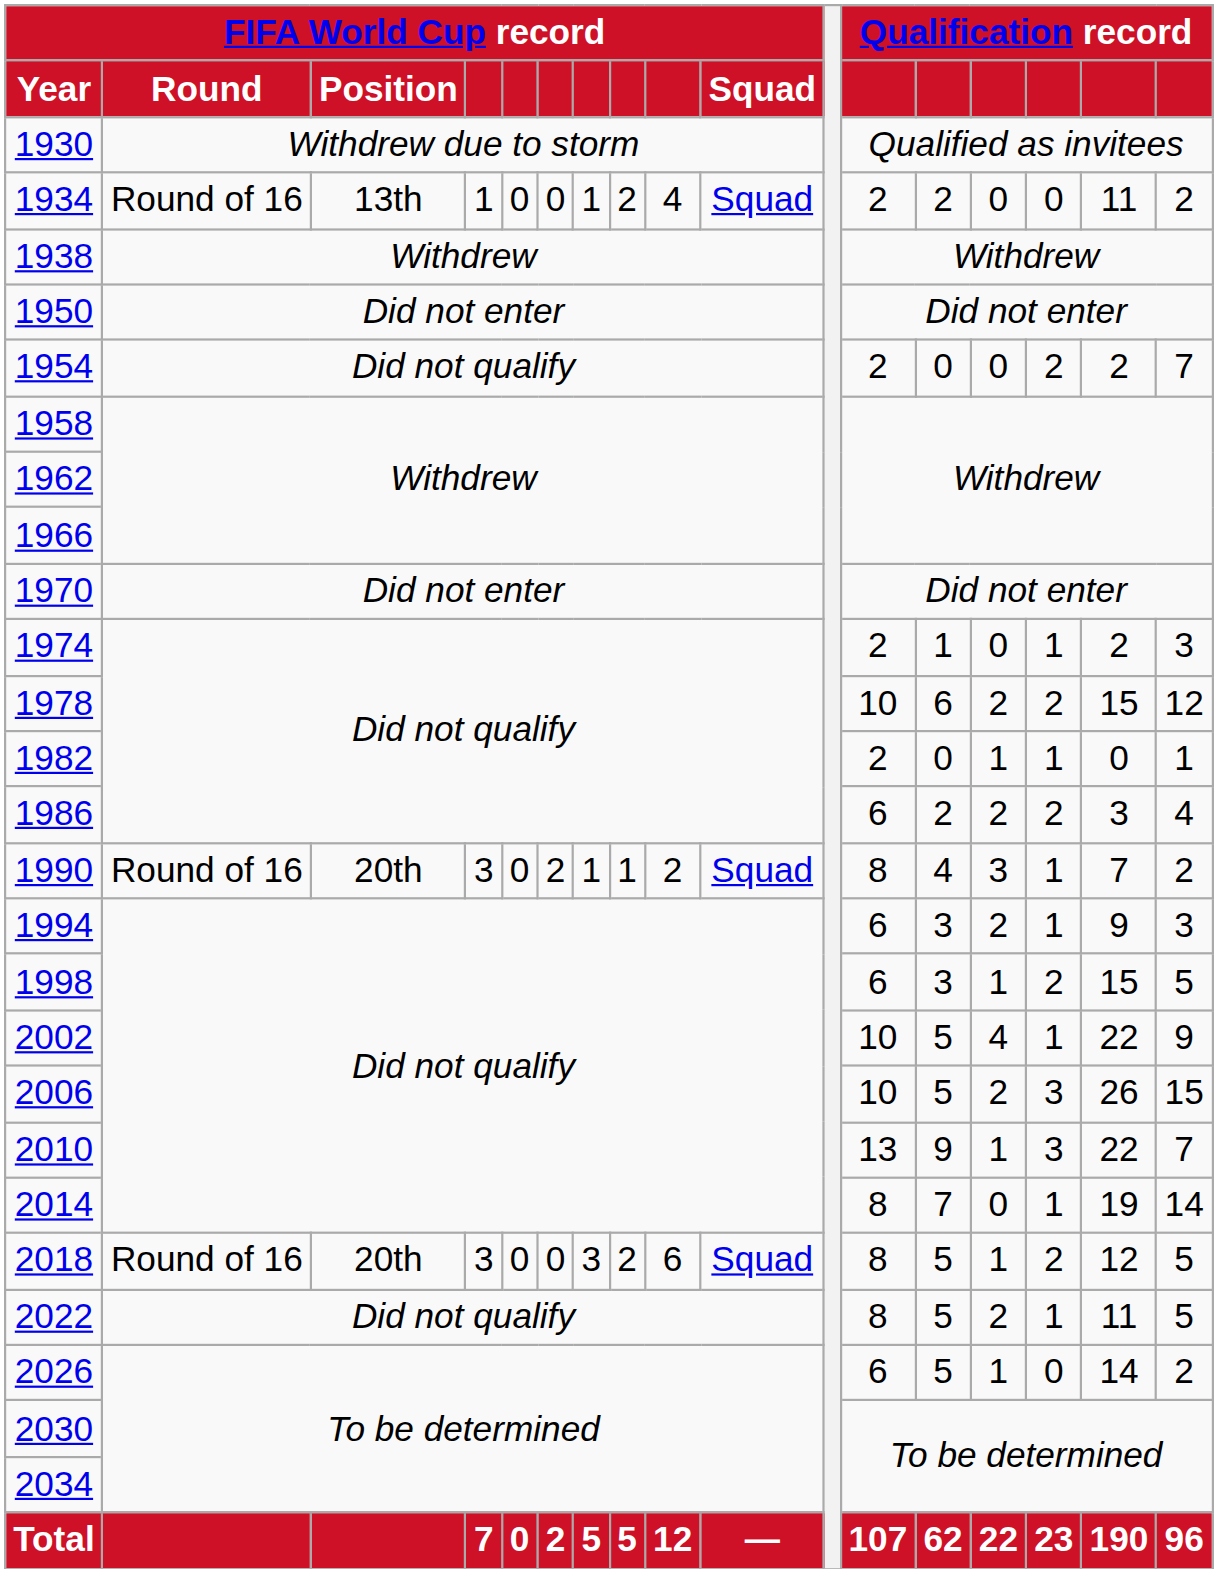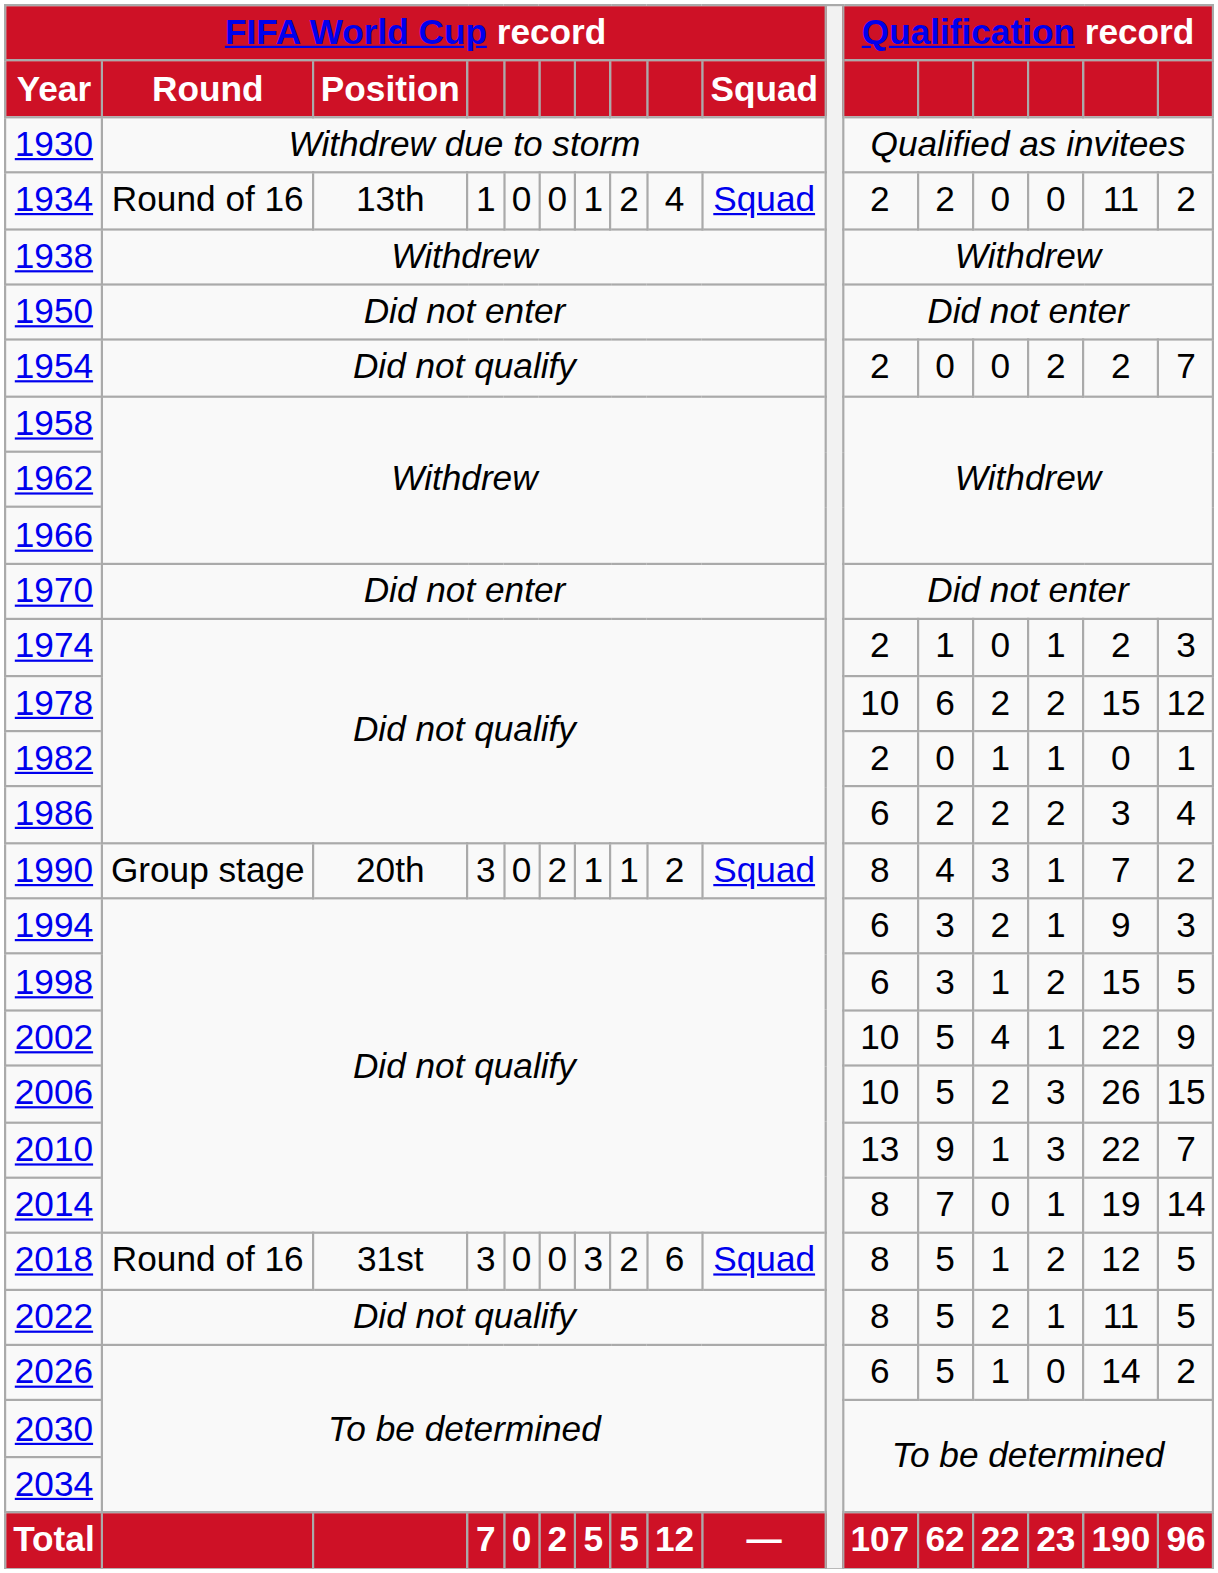 <table class="wikitable" style="text-align:center">
 <tr>
 <th colspan="10" style="background:#CE1126; color:#FFFFFF; "><a href='#'><span>FIFA World Cup</span></a> record</th>
 <th rowspan="28"></th>
 <th colspan="6" style="background:#CE1126; color:#FFFFFF; "><a href='#'><span>Qualification</span></a> record</th>
 </tr>
 <tr>
 <th style="background:#CE1126; color:#FFFFFF; ">Year</th>
 <th style="background:#CE1126; color:#FFFFFF; ">Round</th>
 <th style="background:#CE1126; color:#FFFFFF; ">Position</th>
 <th style="background:#CE1126; color:#FFFFFF; "></th>
 <th style="background:#CE1126; color:#FFFFFF; "></th>
 <th style="background:#CE1126; color:#FFFFFF; "></th>
 <th style="background:#CE1126; color:#FFFFFF; "></th>
 <th style="background:#CE1126; color:#FFFFFF; "></th>
 <th style="background:#CE1126; color:#FFFFFF; "></th>
 <th style="background:#CE1126; color:#FFFFFF; ">Squad</th>
 <th style="background:#CE1126; color:#FFFFFF; "></th>
 <th style="background:#CE1126; color:#FFFFFF; "></th>
 <th style="background:#CE1126; color:#FFFFFF; "></th>
 <th style="background:#CE1126; color:#FFFFFF; "></th>
 <th style="background:#CE1126; color:#FFFFFF; "></th>
 <th style="background:#CE1126; color:#FFFFFF; "></th>
 </tr>
 <tr>
 <td> <a href='#'>1930</a></td>
 <td colspan="9"><em>Withdrew due to storm</em></td>
 <td colspan="6"><em>Qualified as invitees</em></td>
 </tr>
 <tr>
 <td> <a href='#'>1934</a></td>
 <td>Round of 16</td>
 <td>13th</td>
 <td>1</td>
 <td>0</td>
 <td>0</td>
 <td>1</td>
 <td>2</td>
 <td>4</td>
 <td><a href='#'>Squad</a></td>
 <td>2</td>
 <td>2</td>
 <td>0</td>
 <td>0</td>
 <td>11</td>
 <td>2</td>
 </tr>
 <tr>
 <td> <a href='#'>1938</a></td>
 <td colspan="9"><em>Withdrew</em></td>
 <td colspan="6"><em>Withdrew</em></td>
 </tr>
 <tr>
 <td> <a href='#'>1950</a></td>
 <td colspan="9"><em>Did not enter</em></td>
 <td colspan="6"><em>Did not enter</em></td>
 </tr>
 <tr>
 <td> <a href='#'>1954</a></td>
 <td colspan="9"><em>Did not qualify</em></td>
 <td>2</td>
 <td>0</td>
 <td>0</td>
 <td>2</td>
 <td>2</td>
 <td>7</td>
 </tr>
 <tr>
 <td> <a href='#'>1958</a></td>
 <td rowspan="3" colspan="9"><em>Withdrew</em></td>
 <td rowspan="3" colspan="6"><em>Withdrew</em></td>
 </tr>
 <tr>
 <td> <a href='#'>1962</a></td>
 </tr>
 <tr>
 <td> <a href='#'>1966</a></td>
 </tr>
 <tr>
 <td> <a href='#'>1970</a></td>
 <td colspan="9"><em>Did not enter</em></td>
 <td colspan="6"><em>Did not enter</em></td>
 </tr>
 <tr>
 <td> <a href='#'>1974</a></td>
 <td rowspan="4" colspan="9"><em>Did not qualify</em></td>
 <td>2</td>
 <td>1</td>
 <td>0</td>
 <td>1</td>
 <td>2</td>
 <td>3</td>
 </tr>
 <tr>
 <td> <a href='#'>1978</a></td>
 <td>10</td>
 <td>6</td>
 <td>2</td>
 <td>2</td>
 <td>15</td>
 <td>12</td>
 </tr>
 <tr>
 <td> <a href='#'>1982</a></td>
 <td>2</td>
 <td>0</td>
 <td>1</td>
 <td>1</td>
 <td>0</td>
 <td>1</td>
 </tr>
 <tr>
 <td> <a href='#'>1986</a></td>
 <td>6</td>
 <td>2</td>
 <td>2</td>
 <td>2</td>
 <td>3</td>
 <td>4</td>
 </tr>
 <tr>
 <td> <a href='#'>1990</a></td>
-<td>Round of 16</td>
+<td>Group stage</td>
 <td>20th</td>
 <td>3</td>
 <td>0</td>
 <td>2</td>
 <td>1</td>
 <td>1</td>
 <td>2</td>
 <td><a href='#'>Squad</a></td>
 <td>8</td>
 <td>4</td>
 <td>3</td>
 <td>1</td>
 <td>7</td>
 <td>2</td>
 </tr>
 <tr>
 <td> <a href='#'>1994</a></td>
 <td rowspan="6" colspan="9"><em>Did not qualify</em></td>
 <td>6</td>
 <td>3</td>
 <td>2</td>
 <td>1</td>
 <td>9</td>
 <td>3</td>
 </tr>
 <tr>
 <td> <a href='#'>1998</a></td>
 <td>6</td>
 <td>3</td>
 <td>1</td>
 <td>2</td>
 <td>15</td>
 <td>5</td>
 </tr>
 <tr>
 <td>  <a href='#'>2002</a></td>
 <td>10</td>
 <td>5</td>
 <td>4</td>
 <td>1</td>
 <td>22</td>
 <td>9</td>
 </tr>
 <tr>
 <td> <a href='#'>2006</a></td>
 <td>10</td>
 <td>5</td>
 <td>2</td>
 <td>3</td>
 <td>26</td>
 <td>15</td>
 </tr>
 <tr>
 <td> <a href='#'>2010</a></td>
 <td>13</td>
 <td>9</td>
 <td>1</td>
 <td>3</td>
 <td>22</td>
 <td>7</td>
 </tr>
 <tr>
 <td> <a href='#'>2014</a></td>
 <td>8</td>
 <td>7</td>
 <td>0</td>
 <td>1</td>
 <td>19</td>
 <td>14</td>
 </tr>
 <tr>
 <td> <a href='#'>2018</a></td>
 <td>Round of 16</td>
-<td>20th</td>
+<td>31st</td>
 <td>3</td>
 <td>0</td>
 <td>0</td>
 <td>3</td>
 <td>2</td>
 <td>6</td>
 <td><a href='#'>Squad</a></td>
 <td>8</td>
 <td>5</td>
 <td>1</td>
 <td>2</td>
 <td>12</td>
 <td>5</td>
 </tr>
 <tr>
 <td> <a href='#'>2022</a></td>
 <td colspan="9"><em>Did not qualify</em></td>
 <td>8</td>
 <td>5</td>
 <td>2</td>
 <td>1</td>
 <td>11</td>
 <td>5</td>
 </tr>
 <tr>
 <td>   <a href='#'>2026</a></td>
 <td rowspan="3" colspan="9"><em>To be determined</em></td>
 <td>6</td>
 <td>5</td>
 <td>1</td>
 <td>0</td>
 <td>14</td>
 <td>2</td>
 </tr>
 <tr>
 <td>   <a href='#'>2030</a></td>
 <td rowspan="2" colspan="6"><em>To be determined</em></td>
 </tr>
 <tr>
 <td> <a href='#'>2034</a></td>
 </tr>
 <tr>
 <th style="background:#CE1126; color:#FFFFFF; ">Total</th>
 <th style="background:#CE1126; color:#FFFFFF; "></th>
 <th style="background:#CE1126; color:#FFFFFF; "></th>
 <th style="background:#CE1126; color:#FFFFFF; ">7</th>
 <th style="background:#CE1126; color:#FFFFFF; ">0</th>
 <th style="background:#CE1126; color:#FFFFFF; ">2</th>
 <th style="background:#CE1126; color:#FFFFFF; ">5</th>
 <th style="background:#CE1126; color:#FFFFFF; ">5</th>
 <th style="background:#CE1126; color:#FFFFFF; ">12</th>
 <th style="background:#CE1126; color:#FFFFFF; ">—</th>
 <th style="background:#CE1126; color:#FFFFFF; ">107</th>
 <th style="background:#CE1126; color:#FFFFFF; ">62</th>
 <th style="background:#CE1126; color:#FFFFFF; ">22</th>
 <th style="background:#CE1126; color:#FFFFFF; ">23</th>
 <th style="background:#CE1126; color:#FFFFFF; ">190</th>
 <th style="background:#CE1126; color:#FFFFFF; ">96</th>
 </tr>
 </table>
